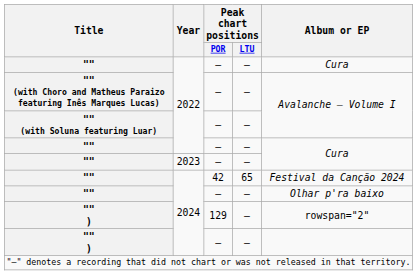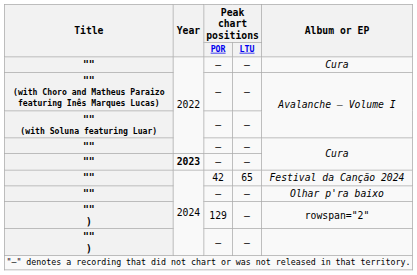 <table class="wikitable plainrowheaders" style="text-align:center">
 <tr>
 <th scope="col" rowspan="2">Title</th>
 <th scope="col" rowspan="2">Year</th>
 <th scope="col" colspan="2">Peak chart positions</th>
 <th scope="col" rowspan="2">Album or EP</th>
 </tr>
 <tr>
 <th scope="col" style="width:3em;font-size:85%;"><a href='#'>POR</a><br></th>
 <th scope="col" style="width:3em;font-size:85%;"><a href='#'>LTU</a><br></th>
 </tr>
 <tr>
 <th scope="row">""</th>
 <td rowspan="4">2022</td>
 <td>—</td>
 <td>—</td>
 <td><em>Cura</em></td>
 </tr>
 <tr>
 <th scope="row">""<br><small>(with Choro and Matheus Paraizo<br>featuring Inês Marques Lucas)</small></th>
 <td>—</td>
 <td>—</td>
 <td rowspan="2"><em>Avalanche – Volume I</em></td>
 </tr>
 <tr>
 <th scope="row">""<br><small>(with Soluna featuring Luar)</small></th>
 <td>—</td>
 <td>—</td>
 </tr>
 <tr>
 <th scope="row">""</th>
 <td>—</td>
 <td>—</td>
 <td rowspan="2"><em>Cura</em></td>
 </tr>
 <tr>
 <th scope="row">""</th>
-<td>2023</td>
+<td><strong>2023</strong></td>
 <td>—</td>
 <td>—</td>
 </tr>
 <tr>
 <th scope="row">""</th>
 <td rowspan="4">2024</td>
 <td>42</td>
 <td>65</td>
 <td><em>Festival da Canção 2024</em></td>
 </tr>
 <tr>
 <th scope="row">""</th>
 <td>—</td>
 <td>—</td>
 <td><em>Olhar p'ra baixo</em></td>
 </tr>
 <tr>
 <th scope="row">""<br>)</th>
 <td>129</td>
 <td>—</td>
 <td>rowspan="2" </td>
 </tr>
 <tr>
 <th scope="row">""<br>)</th>
 <td>—</td>
 <td>—</td>
 </tr>
 <tr>
 <td colspan="7" style="font-size:85%">"—" denotes a recording that did not chart or was not released in that territory.</td>
 </tr>
 </table>
